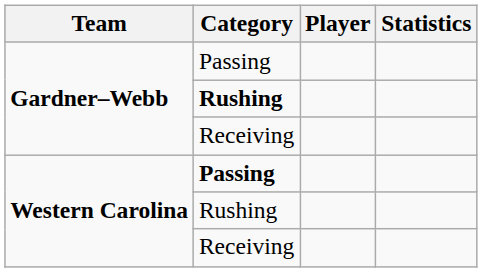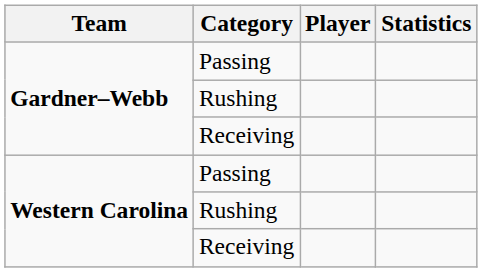 <table class="wikitable" style="float: right;">
 <tr>
 <th>Team</th>
 <th>Category</th>
 <th>Player</th>
 <th>Statistics</th>
 </tr>
 <tr>
 <td rowspan=3><strong>Gardner–Webb</strong></td>
 <td>Passing</td>
 <td></td>
 <td></td>
 </tr>
 <tr>
-<td><strong>Rushing</strong></td>
+<td>Rushing</td>
 <td></td>
 <td></td>
 </tr>
 <tr>
 <td>Receiving</td>
 <td></td>
 <td></td>
 </tr>
 <tr>
 <td rowspan=3><strong>Western Carolina</strong></td>
-<td><strong>Passing</strong></td>
+<td>Passing</td>
 <td></td>
 <td></td>
 </tr>
 <tr>
 <td>Rushing</td>
 <td></td>
 <td></td>
 </tr>
 <tr>
 <td>Receiving</td>
 <td></td>
 <td></td>
 </tr>
 </table>
